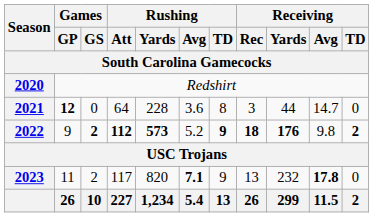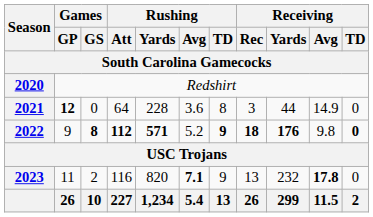 <table class="wikitable" style="text-align:center;">
 <tr>
 <th rowspan="2">Season</th>
 <th colspan="2">Games</th>
 <th colspan="4">Rushing</th>
 <th colspan="4">Receiving</th>
 </tr>
 <tr>
 <th>GP</th>
 <th>GS</th>
 <th>Att</th>
 <th>Yards</th>
 <th>Avg</th>
 <th>TD</th>
 <th>Rec</th>
 <th>Yards</th>
 <th>Avg</th>
 <th>TD</th>
 </tr>
 <tr>
 <th colspan="12">South Carolina Gamecocks</th>
 </tr>
 <tr>
 <th><a href='#'>2020</a></th>
 <td colspan="12"><em>Redshirt </em></td>
 </tr>
 <tr>
 <th><a href='#'>2021</a></th>
 <td><strong>12</strong></td>
 <td>0</td>
 <td>64</td>
 <td>228</td>
 <td>3.6</td>
 <td>8</td>
 <td>3</td>
 <td>44</td>
-<td>14.7</td>
+<td>14.9</td>
 <td>0</td>
 </tr>
 <tr>
 <th><a href='#'>2022</a></th>
 <td>9</td>
-<td><strong>2</strong></td>
+<td><strong>8</strong></td>
 <td><strong>112</strong></td>
-<td><strong>573</strong></td>
+<td><strong>571</strong></td>
 <td>5.2</td>
 <td><strong>9</strong></td>
 <td><strong>18</strong></td>
 <td><strong>176</strong></td>
 <td>9.8</td>
-<td><strong>2</strong></td>
+<td><strong>0</strong></td>
 </tr>
 <tr>
 <th colspan="12">USC Trojans</th>
 </tr>
 <tr>
 <th><a href='#'>2023</a></th>
 <td>11</td>
 <td>2</td>
-<td>117</td>
+<td>116</td>
 <td>820</td>
 <td><strong>7.1</strong></td>
 <td>9</td>
 <td>13</td>
 <td>232</td>
 <td><strong>17.8</strong></td>
 <td>0</td>
 </tr>
 <tr>
 <th></th>
 <th>26</th>
 <th>10</th>
 <th>227</th>
 <th>1,234</th>
 <th>5.4</th>
 <th>13</th>
 <th>26</th>
 <th>299</th>
 <th>11.5</th>
 <th>2</th>
 </tr>
 </table>
